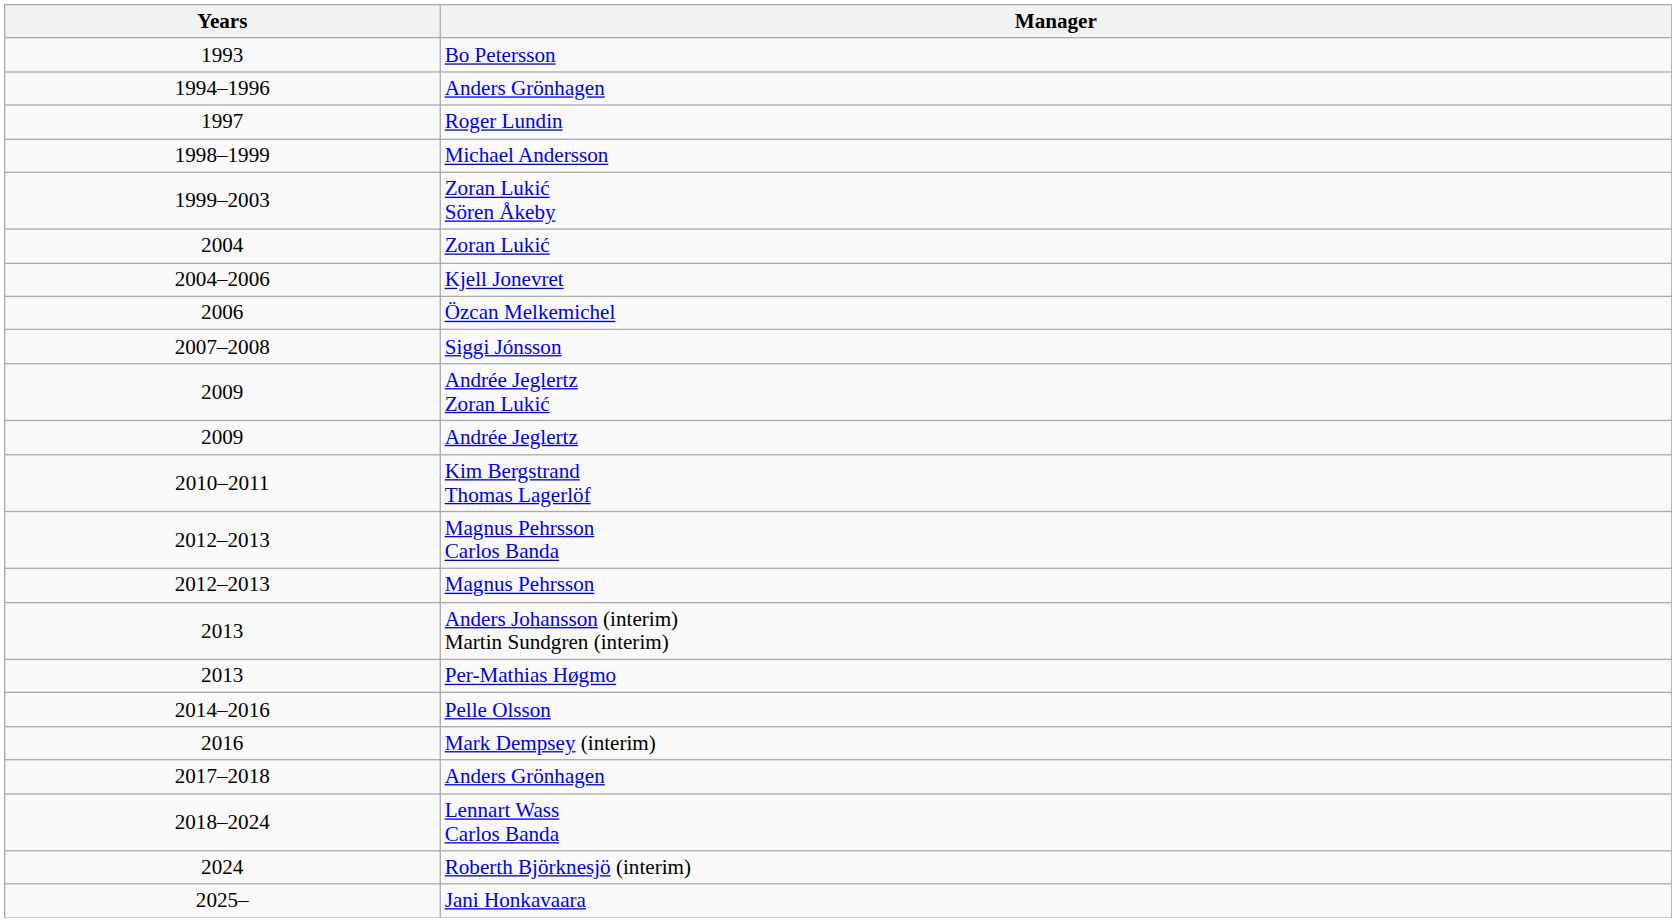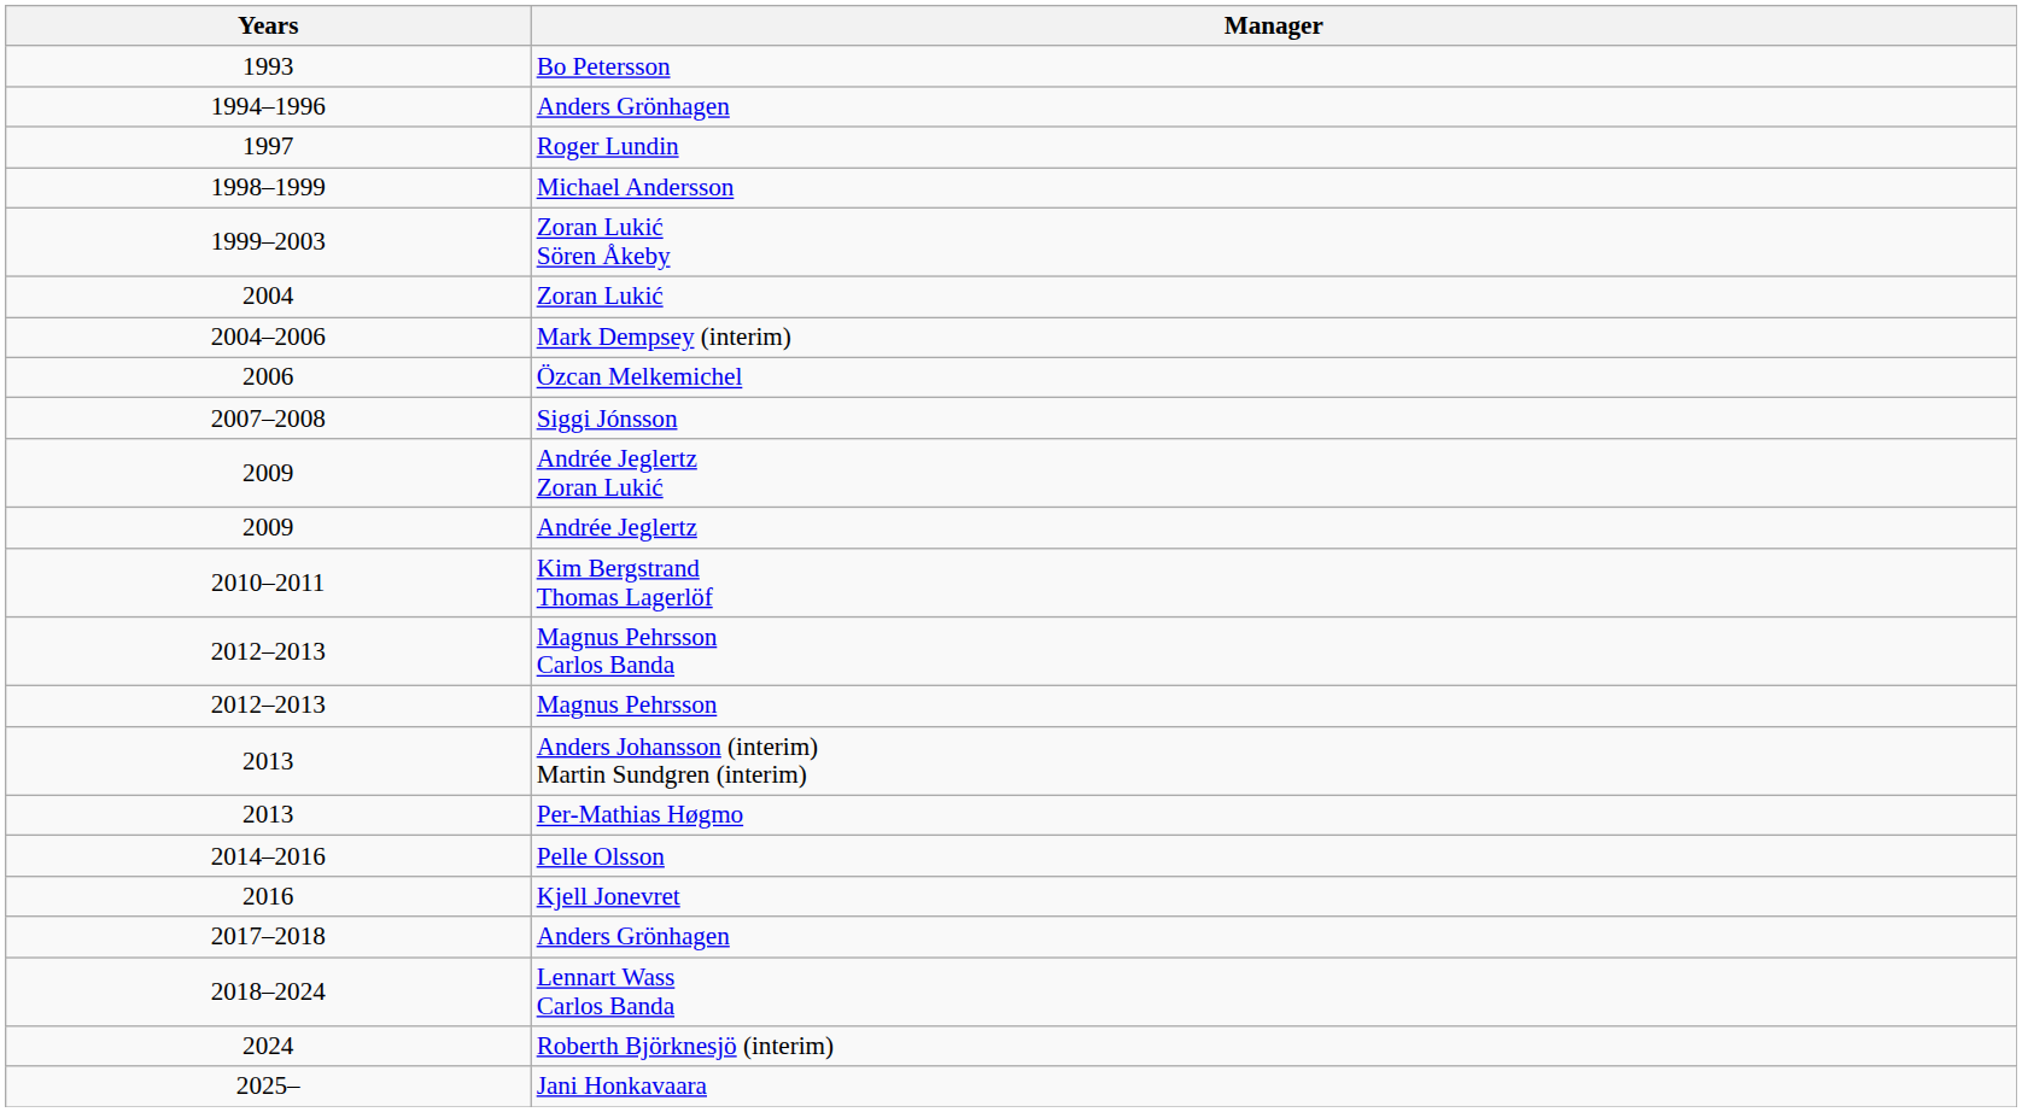 <table class="wikitable" style="width:100%;">
 <tr>
 <th style="width:5em">Years</th>
 <th style="width:15em">Manager</th>
 </tr>
 <tr>
 <td align=center>1993</td>
 <td> <a href='#'>Bo Petersson</a></td>
 </tr>
 <tr>
 <td align=center>1994–1996</td>
 <td> <a href='#'>Anders Grönhagen</a></td>
 </tr>
 <tr>
 <td align=center>1997</td>
 <td> <a href='#'>Roger Lundin</a></td>
 </tr>
 <tr>
 <td align=center>1998–1999</td>
 <td> <a href='#'>Michael Andersson</a></td>
 </tr>
 <tr>
 <td align=center>1999–2003</td>
 <td> <a href='#'>Zoran Lukić</a> <br>  <a href='#'>Sören Åkeby</a></td>
 </tr>
 <tr>
 <td align=center>2004</td>
 <td> <a href='#'>Zoran Lukić</a></td>
 </tr>
 <tr>
 <td align=center>2004–2006</td>
-<td> <a href='#'>Kjell Jonevret</a></td>
+<td> <a href='#'>Mark Dempsey</a> (interim)</td>
 </tr>
 <tr>
 <td align=center>2006</td>
 <td> <a href='#'>Özcan Melkemichel</a></td>
 </tr>
 <tr>
 <td align=center>2007–2008</td>
 <td> <a href='#'>Siggi Jónsson</a></td>
 </tr>
 <tr>
 <td align=center>2009</td>
 <td> <a href='#'>Andrée Jeglertz</a><br> <a href='#'>Zoran Lukić</a></td>
 </tr>
 <tr>
 <td align=center>2009</td>
 <td> <a href='#'>Andrée Jeglertz</a></td>
 </tr>
 <tr>
 <td align=center>2010–2011</td>
 <td> <a href='#'>Kim Bergstrand</a> <br> <a href='#'>Thomas Lagerlöf</a></td>
 </tr>
 <tr>
 <td align=center>2012–2013</td>
 <td> <a href='#'>Magnus Pehrsson</a> <br> <a href='#'>Carlos Banda</a></td>
 </tr>
 <tr>
 <td align=center>2012–2013</td>
 <td> <a href='#'>Magnus Pehrsson</a></td>
 </tr>
 <tr>
 <td align=center>2013</td>
 <td> <a href='#'>Anders Johansson</a> (interim)<br> Martin Sundgren (interim)</td>
 </tr>
 <tr>
 <td align=center>2013</td>
 <td> <a href='#'>Per-Mathias Høgmo</a></td>
 </tr>
 <tr>
 <td align=center>2014–2016</td>
 <td> <a href='#'>Pelle Olsson</a></td>
 </tr>
 <tr>
 <td align=center>2016</td>
-<td> <a href='#'>Mark Dempsey</a> (interim)</td>
+<td> <a href='#'>Kjell Jonevret</a></td>
 </tr>
 <tr>
 <td align=center>2017–2018</td>
 <td> <a href='#'>Anders Grönhagen</a></td>
 </tr>
 <tr>
 <td align=center>2018–2024</td>
 <td> <a href='#'>Lennart Wass</a> <br> <a href='#'>Carlos Banda</a></td>
 </tr>
 <tr>
 <td align=center>2024</td>
 <td> <a href='#'>Roberth Björknesjö</a> (interim)</td>
 </tr>
 <tr>
 <td align=center>2025–</td>
 <td> <a href='#'>Jani Honkavaara</a></td>
 </tr>
 </table>
